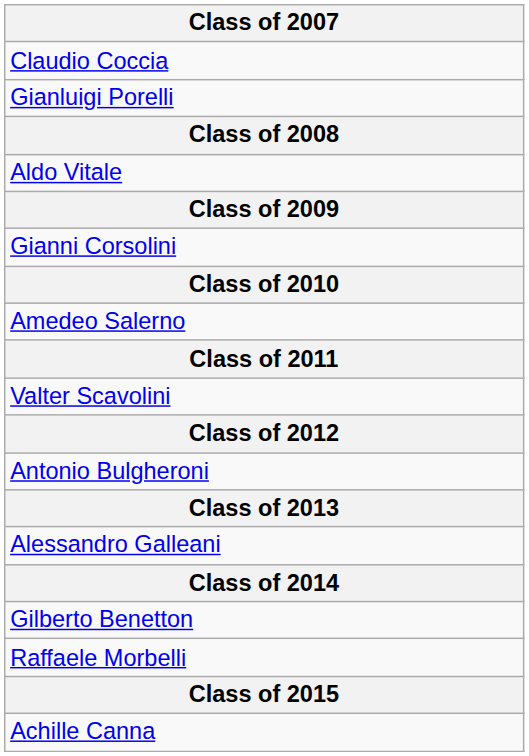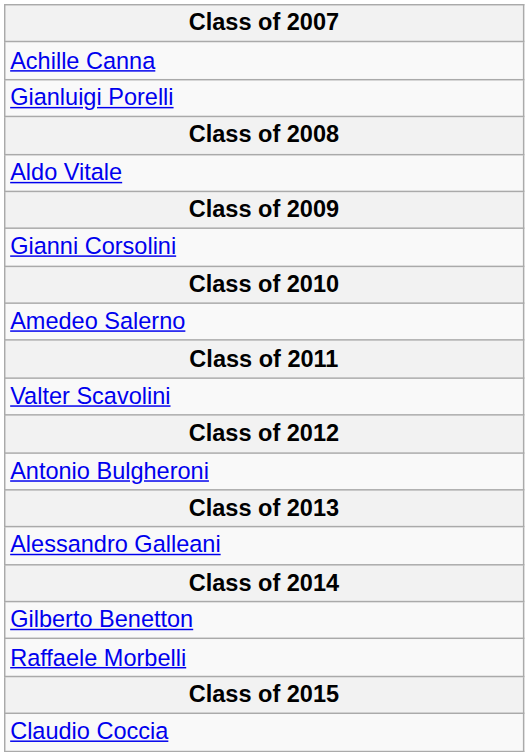 <table class="wikitable" style="width:40%">
 <tr>
 <th>Class of 2007</th>
 </tr>
 <tr>
-<td><a href='#'>Claudio Coccia</a></td>
+<td><a href='#'>Achille Canna</a></td>
 </tr>
 <tr>
 <td><a href='#'>Gianluigi Porelli</a></td>
 </tr>
 <tr>
 <th>Class of 2008</th>
 </tr>
 <tr>
 <td><a href='#'>Aldo Vitale</a></td>
 </tr>
 <tr>
 <th>Class of 2009</th>
 </tr>
 <tr>
 <td><a href='#'>Gianni Corsolini</a></td>
 </tr>
 <tr>
 <th>Class of 2010</th>
 </tr>
 <tr>
 <td><a href='#'>Amedeo Salerno</a></td>
 </tr>
 <tr>
 <th>Class of 2011</th>
 </tr>
 <tr>
 <td><a href='#'>Valter Scavolini</a></td>
 </tr>
 <tr>
 <th>Class of 2012</th>
 </tr>
 <tr>
 <td><a href='#'>Antonio Bulgheroni</a></td>
 </tr>
 <tr>
 <th>Class of 2013</th>
 </tr>
 <tr>
 <td><a href='#'>Alessandro Galleani</a></td>
 </tr>
 <tr>
 <th>Class of 2014</th>
 </tr>
 <tr>
 <td><a href='#'>Gilberto Benetton</a></td>
 </tr>
 <tr>
 <td><a href='#'>Raffaele Morbelli</a></td>
 </tr>
 <tr>
 <th>Class of 2015</th>
 </tr>
 <tr>
-<td><a href='#'>Achille Canna</a></td>
+<td><a href='#'>Claudio Coccia</a></td>
 </tr>
 </table>
